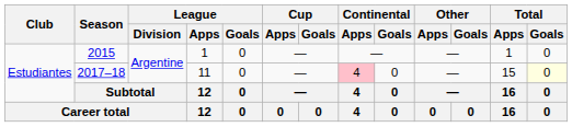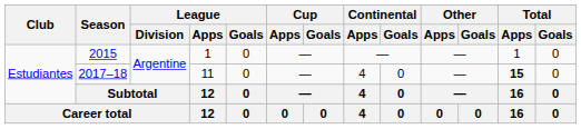 <table class="wikitable" style="text-align: center;">
 <tr>
 <th rowspan="2">Club</th>
 <th rowspan="2">Season</th>
 <th colspan="3">League</th>
 <th colspan="2">Cup</th>
 <th colspan="2">Continental</th>
 <th colspan="2">Other</th>
 <th colspan="2">Total</th>
 </tr>
 <tr>
 <th>Division</th>
 <th>Apps</th>
 <th>Goals</th>
 <th>Apps</th>
 <th>Goals</th>
 <th>Apps</th>
 <th>Goals</th>
 <th>Apps</th>
 <th>Goals</th>
 <th>Apps</th>
 <th>Goals</th>
 </tr>
 <tr>
 <td rowspan="3" align="center"><a href='#'>Estudiantes</a></td>
 <td><a href='#'>2015</a></td>
 <td rowspan="2"><a href='#'>Argentine</a></td>
 <td>1</td>
 <td>0</td>
 <td colspan="2">—</td>
 <td colspan="2">—</td>
 <td colspan="2">—</td>
 <td>1</td>
 <td>0</td>
 </tr>
 <tr>
 <td><a href='#'>2017–18</a></td>
 <td>11</td>
 <td>0</td>
 <td colspan="2">—</td>
-<td style="background: pink;">4</td>
+<td>4</td>
 <td>0</td>
 <td colspan="2">—</td>
-<td>15</td>
-<td style="background: lightyellow;">0</td>
+<td><strong>15</strong></td>
+<td>0</td>
 </tr>
 <tr>
 <th colspan="2"><strong>Subtotal</strong></th>
 <th>12</th>
 <th>0</th>
 <th colspan="2">—</th>
 <th>4</th>
 <th>0</th>
 <th colspan="2">—</th>
 <th>16</th>
 <th>0</th>
 </tr>
 <tr>
 <th colspan="3"><strong>Career total</strong></th>
 <th>12</th>
 <th>0</th>
 <th>0</th>
 <th>0</th>
 <th>4</th>
 <th>0</th>
 <th>0</th>
 <th>0</th>
 <th>16</th>
 <th>0</th>
 </tr>
 </table>
